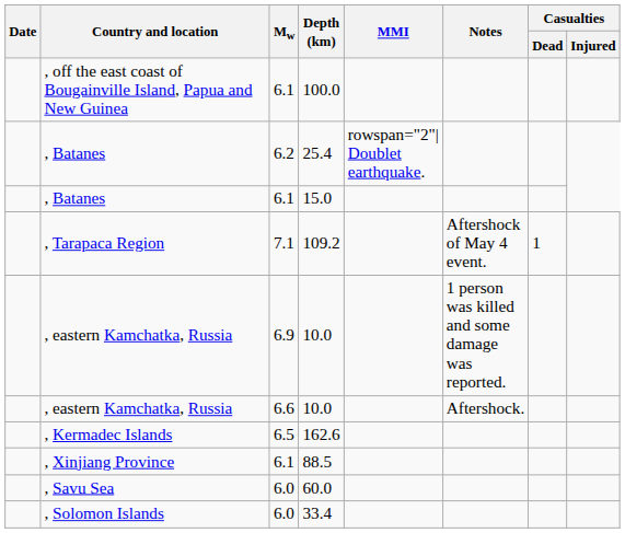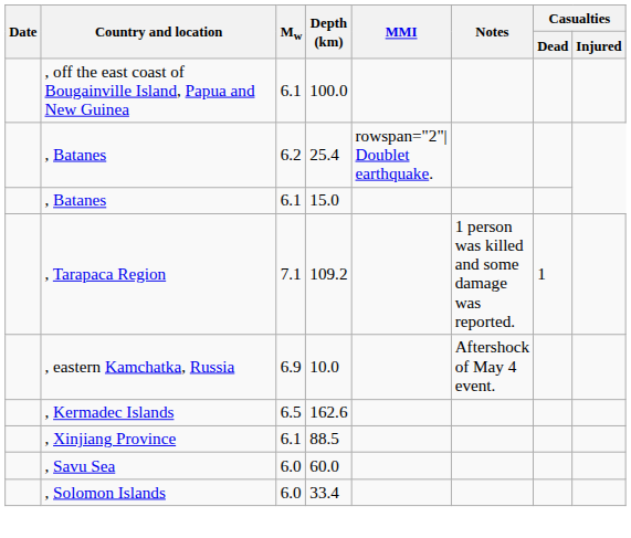 <table class="wikitable sortable sort-under" style="border:1px black; margin-left:1em;">
 <tr>
 <th rowspan="2"><small>Date</small></th>
 <th rowspan="2" style="width: 310px"><small>Country and location</small></th>
 <th rowspan="2"><small>M<sub>w</sub></small></th>
 <th rowspan="2"><small>Depth (km)</small></th>
 <th rowspan="2"><small><a href='#'>MMI</a></small></th>
 <th rowspan="2" class="unsortable"><small>Notes</small></th>
 <th colspan="2"><small>Casualties</small></th>
 </tr>
 <tr>
 <th><small>Dead</small></th>
 <th><small>Injured</small></th>
 </tr>
 <tr>
 <td></td>
 <td>, off the east coast of <a href='#'>Bougainville Island</a>, <a href='#'>Papua and New Guinea</a></td>
 <td>6.1</td>
 <td>100.0</td>
 <td></td>
 <td></td>
 <td></td>
 <td></td>
 </tr>
 <tr>
 <td></td>
 <td>, <a href='#'>Batanes</a></td>
 <td>6.2</td>
 <td>25.4</td>
 <td>rowspan="2"| <a href='#'>Doublet earthquake</a>.</td>
 <td></td>
 <td></td>
 </tr>
 <tr>
 <td></td>
 <td>, <a href='#'>Batanes</a></td>
 <td>6.1</td>
 <td>15.0</td>
 <td></td>
 <td></td>
 <td></td>
 </tr>
 <tr>
 <td></td>
 <td>, <a href='#'>Tarapaca Region</a></td>
 <td>7.1</td>
 <td>109.2</td>
 <td></td>
-<td>Aftershock of May 4 event.</td>
+<td>1 person was killed and some damage was reported.</td>
 <td>1</td>
 <td></td>
 </tr>
 <tr>
 <td></td>
 <td>, eastern <a href='#'>Kamchatka</a>, <a href='#'>Russia</a></td>
 <td>6.9</td>
 <td>10.0</td>
 <td></td>
-<td>1 person was killed and some damage was reported.</td>
-<td></td>
-<td></td>
-</tr>
-<tr>
-<td></td>
-<td>, eastern <a href='#'>Kamchatka</a>, <a href='#'>Russia</a></td>
-<td>6.6</td>
-<td>10.0</td>
-<td></td>
-<td>Aftershock.</td>
+<td>Aftershock of May 4 event.</td>
 <td></td>
 <td></td>
 </tr>
 <tr>
 <td></td>
 <td>, <a href='#'>Kermadec Islands</a></td>
 <td>6.5</td>
 <td>162.6</td>
 <td></td>
 <td></td>
 <td></td>
 <td></td>
 </tr>
 <tr>
 <td></td>
 <td>, <a href='#'>Xinjiang Province</a></td>
 <td>6.1</td>
 <td>88.5</td>
 <td></td>
 <td></td>
 <td></td>
 <td></td>
 </tr>
 <tr>
 <td></td>
 <td>, <a href='#'>Savu Sea</a></td>
 <td>6.0</td>
 <td>60.0</td>
 <td></td>
 <td></td>
 <td></td>
 <td></td>
 </tr>
 <tr>
 <td></td>
 <td>, <a href='#'>Solomon Islands</a></td>
 <td>6.0</td>
 <td>33.4</td>
 <td></td>
 <td></td>
 <td></td>
 <td></td>
 </tr>
 </table>
